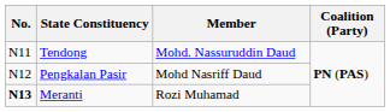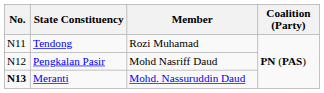 <table class="wikitable">
 <tr>
 <th width="30">No.</th>
 <th width="130">State Constituency</th>
 <th width="180">Member</th>
 <th width="80">Coalition (Party)</th>
 </tr>
 <tr>
 <td>N11</td>
 <td><a href='#'>Tendong</a></td>
-<td><a href='#'>Mohd. Nassuruddin Daud</a></td>
+<td>Rozi Muhamad</td>
 <td rowspan=3 style="background:"><strong>PN</strong> (<strong>PAS</strong>)</td>
 </tr>
 <tr>
 <td>N12</td>
 <td><a href='#'>Pengkalan Pasir</a></td>
 <td>Mohd Nasriff Daud</td>
 </tr>
 <tr>
 <td><strong>N13</strong></td>
 <td><a href='#'>Meranti</a></td>
-<td>Rozi Muhamad</td>
+<td><a href='#'>Mohd. Nassuruddin Daud</a></td>
 </tr>
 </table>
